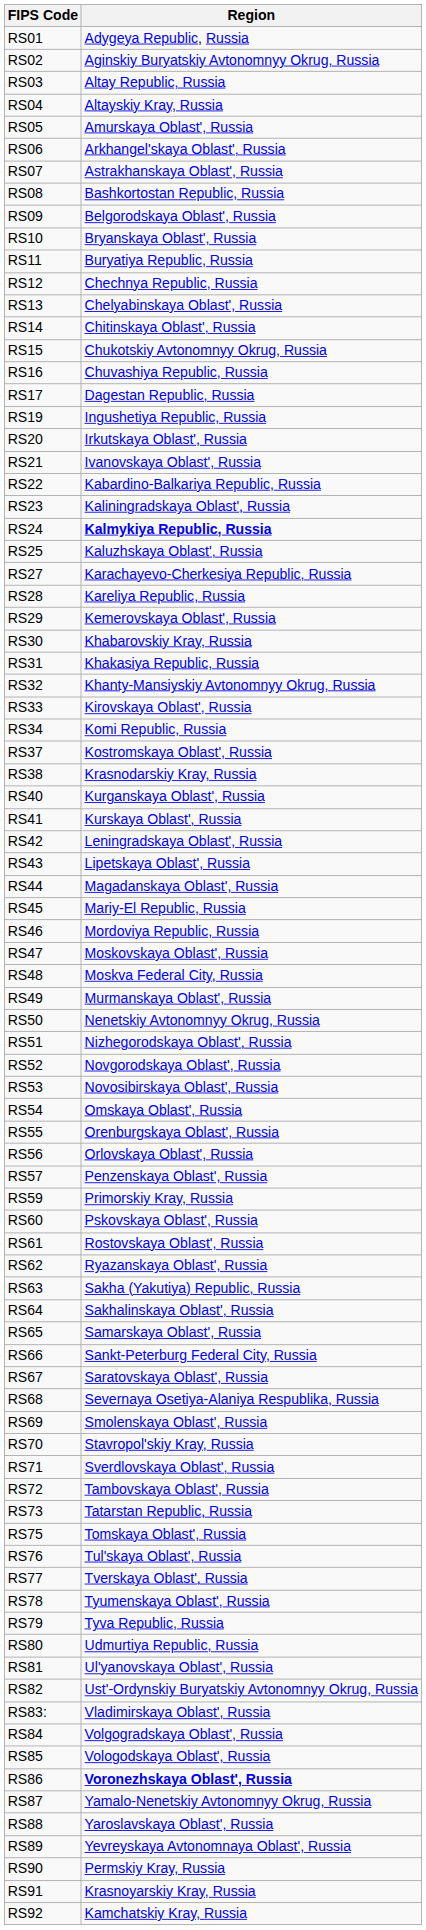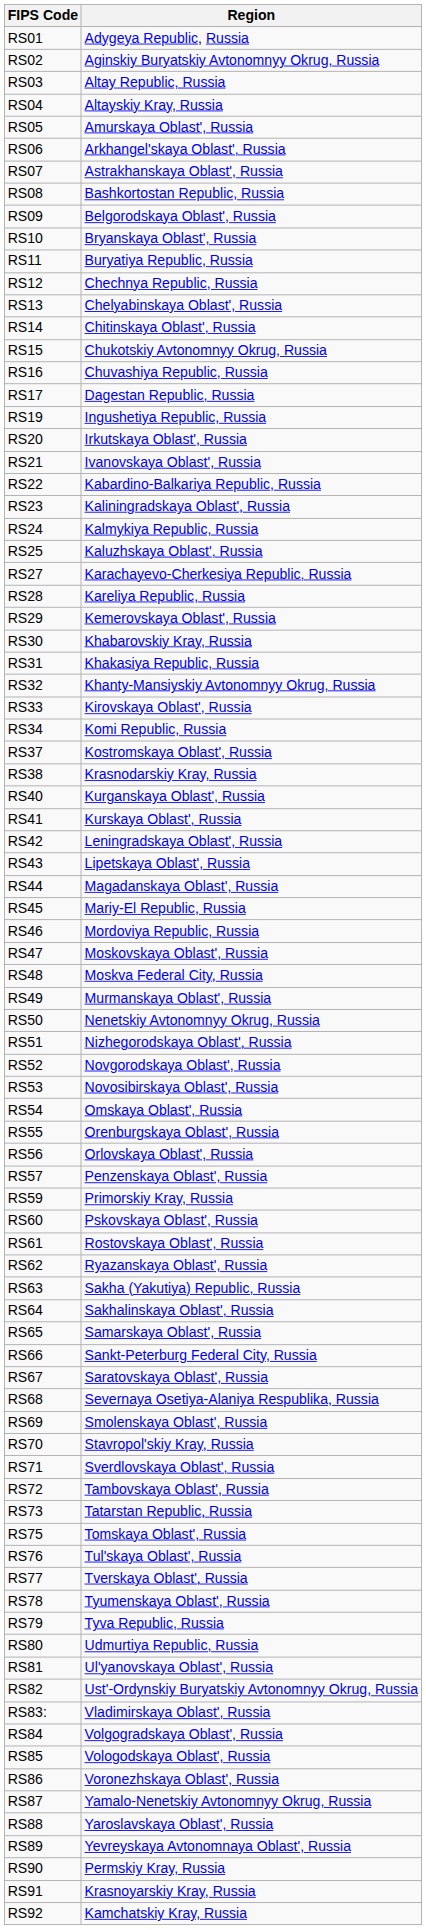 <table class="wikitable">
 <tr>
 <th>FIPS Code</th>
 <th>Region</th>
 </tr>
 <tr>
 <td>RS01</td>
 <td><a href='#'>Adygeya Republic</a>, <a href='#'>Russia</a></td>
 </tr>
 <tr>
 <td>RS02</td>
 <td><a href='#'>Aginskiy Buryatskiy Avtonomnyy Okrug, Russia</a></td>
 </tr>
 <tr>
 <td>RS03</td>
 <td><a href='#'>Altay Republic, Russia</a></td>
 </tr>
 <tr>
 <td>RS04</td>
 <td><a href='#'>Altayskiy Kray, Russia</a></td>
 </tr>
 <tr>
 <td>RS05</td>
 <td><a href='#'>Amurskaya Oblast', Russia</a></td>
 </tr>
 <tr>
 <td>RS06</td>
 <td><a href='#'>Arkhangel'skaya Oblast', Russia</a></td>
 </tr>
 <tr>
 <td>RS07</td>
 <td><a href='#'>Astrakhanskaya Oblast', Russia</a></td>
 </tr>
 <tr>
 <td>RS08</td>
 <td><a href='#'>Bashkortostan Republic, Russia</a></td>
 </tr>
 <tr>
 <td>RS09</td>
 <td><a href='#'>Belgorodskaya Oblast', Russia</a></td>
 </tr>
 <tr>
 <td>RS10</td>
 <td><a href='#'>Bryanskaya Oblast', Russia</a></td>
 </tr>
 <tr>
 <td>RS11</td>
 <td><a href='#'>Buryatiya Republic, Russia</a></td>
 </tr>
 <tr>
 <td>RS12</td>
 <td><a href='#'>Chechnya Republic, Russia</a></td>
 </tr>
 <tr>
 <td>RS13</td>
 <td><a href='#'>Chelyabinskaya Oblast', Russia</a></td>
 </tr>
 <tr>
 <td>RS14</td>
 <td><a href='#'>Chitinskaya Oblast', Russia</a></td>
 </tr>
 <tr>
 <td>RS15</td>
 <td><a href='#'>Chukotskiy Avtonomnyy Okrug, Russia</a></td>
 </tr>
 <tr>
 <td>RS16</td>
 <td><a href='#'>Chuvashiya Republic, Russia</a></td>
 </tr>
 <tr>
 <td>RS17</td>
 <td><a href='#'>Dagestan Republic, Russia</a></td>
 </tr>
 <tr>
 <td>RS19</td>
 <td><a href='#'>Ingushetiya Republic, Russia</a></td>
 </tr>
 <tr>
 <td>RS20</td>
 <td><a href='#'>Irkutskaya Oblast', Russia</a></td>
 </tr>
 <tr>
 <td>RS21</td>
 <td><a href='#'>Ivanovskaya Oblast', Russia</a></td>
 </tr>
 <tr>
 <td>RS22</td>
 <td><a href='#'>Kabardino-Balkariya Republic, Russia</a></td>
 </tr>
 <tr>
 <td>RS23</td>
 <td><a href='#'>Kaliningradskaya Oblast', Russia</a></td>
 </tr>
 <tr>
 <td>RS24</td>
-<td><strong><a href='#'>Kalmykiya Republic, Russia</a></strong></td>
+<td><a href='#'>Kalmykiya Republic, Russia</a></td>
 </tr>
 <tr>
 <td>RS25</td>
 <td><a href='#'>Kaluzhskaya Oblast', Russia</a></td>
 </tr>
 <tr>
 <td>RS27</td>
 <td><a href='#'>Karachayevo-Cherkesiya Republic, Russia</a></td>
 </tr>
 <tr>
 <td>RS28</td>
 <td><a href='#'>Kareliya Republic, Russia</a></td>
 </tr>
 <tr>
 <td>RS29</td>
 <td><a href='#'>Kemerovskaya Oblast', Russia</a></td>
 </tr>
 <tr>
 <td>RS30</td>
 <td><a href='#'>Khabarovskiy Kray, Russia</a></td>
 </tr>
 <tr>
 <td>RS31</td>
 <td><a href='#'>Khakasiya Republic, Russia</a></td>
 </tr>
 <tr>
 <td>RS32</td>
 <td><a href='#'>Khanty-Mansiyskiy Avtonomnyy Okrug, Russia</a></td>
 </tr>
 <tr>
 <td>RS33</td>
 <td><a href='#'>Kirovskaya Oblast', Russia</a></td>
 </tr>
 <tr>
 <td>RS34</td>
 <td><a href='#'>Komi Republic, Russia</a></td>
 </tr>
 <tr>
 <td>RS37</td>
 <td><a href='#'>Kostromskaya Oblast', Russia</a></td>
 </tr>
 <tr>
 <td>RS38</td>
 <td><a href='#'>Krasnodarskiy Kray, Russia</a></td>
 </tr>
 <tr>
 <td>RS40</td>
 <td><a href='#'>Kurganskaya Oblast', Russia</a></td>
 </tr>
 <tr>
 <td>RS41</td>
 <td><a href='#'>Kurskaya Oblast', Russia</a></td>
 </tr>
 <tr>
 <td>RS42</td>
 <td><a href='#'>Leningradskaya Oblast', Russia</a></td>
 </tr>
 <tr>
 <td>RS43</td>
 <td><a href='#'>Lipetskaya Oblast', Russia</a></td>
 </tr>
 <tr>
 <td>RS44</td>
 <td><a href='#'>Magadanskaya Oblast', Russia</a></td>
 </tr>
 <tr>
 <td>RS45</td>
 <td><a href='#'>Mariy-El Republic, Russia</a></td>
 </tr>
 <tr>
 <td>RS46</td>
 <td><a href='#'>Mordoviya Republic, Russia</a></td>
 </tr>
 <tr>
 <td>RS47</td>
 <td><a href='#'>Moskovskaya Oblast', Russia</a></td>
 </tr>
 <tr>
 <td>RS48</td>
 <td><a href='#'>Moskva Federal City, Russia</a></td>
 </tr>
 <tr>
 <td>RS49</td>
 <td><a href='#'>Murmanskaya Oblast', Russia</a></td>
 </tr>
 <tr>
 <td>RS50</td>
 <td><a href='#'>Nenetskiy Avtonomnyy Okrug, Russia</a></td>
 </tr>
 <tr>
 <td>RS51</td>
 <td><a href='#'>Nizhegorodskaya Oblast', Russia</a></td>
 </tr>
 <tr>
 <td>RS52</td>
 <td><a href='#'>Novgorodskaya Oblast', Russia</a></td>
 </tr>
 <tr>
 <td>RS53</td>
 <td><a href='#'>Novosibirskaya Oblast', Russia</a></td>
 </tr>
 <tr>
 <td>RS54</td>
 <td><a href='#'>Omskaya Oblast', Russia</a></td>
 </tr>
 <tr>
 <td>RS55</td>
 <td><a href='#'>Orenburgskaya Oblast', Russia</a></td>
 </tr>
 <tr>
 <td>RS56</td>
 <td><a href='#'>Orlovskaya Oblast', Russia</a></td>
 </tr>
 <tr>
 <td>RS57</td>
 <td><a href='#'>Penzenskaya Oblast', Russia</a></td>
 </tr>
 <tr>
 <td>RS59</td>
 <td><a href='#'>Primorskiy Kray, Russia</a></td>
 </tr>
 <tr>
 <td>RS60</td>
 <td><a href='#'>Pskovskaya Oblast', Russia</a></td>
 </tr>
 <tr>
 <td>RS61</td>
 <td><a href='#'>Rostovskaya Oblast', Russia</a></td>
 </tr>
 <tr>
 <td>RS62</td>
 <td><a href='#'>Ryazanskaya Oblast', Russia</a></td>
 </tr>
 <tr>
 <td>RS63</td>
 <td><a href='#'>Sakha (Yakutiya) Republic, Russia</a></td>
 </tr>
 <tr>
 <td>RS64</td>
 <td><a href='#'>Sakhalinskaya Oblast', Russia</a></td>
 </tr>
 <tr>
 <td>RS65</td>
 <td><a href='#'>Samarskaya Oblast', Russia</a></td>
 </tr>
 <tr>
 <td>RS66</td>
 <td><a href='#'>Sankt-Peterburg Federal City, Russia</a></td>
 </tr>
 <tr>
 <td>RS67</td>
 <td><a href='#'>Saratovskaya Oblast', Russia</a></td>
 </tr>
 <tr>
 <td>RS68</td>
 <td><a href='#'>Severnaya Osetiya-Alaniya Respublika, Russia</a></td>
 </tr>
 <tr>
 <td>RS69</td>
 <td><a href='#'>Smolenskaya Oblast', Russia</a></td>
 </tr>
 <tr>
 <td>RS70</td>
 <td><a href='#'>Stavropol'skiy Kray, Russia</a></td>
 </tr>
 <tr>
 <td>RS71</td>
 <td><a href='#'>Sverdlovskaya Oblast', Russia</a></td>
 </tr>
 <tr>
 <td>RS72</td>
 <td><a href='#'>Tambovskaya Oblast', Russia</a></td>
 </tr>
 <tr>
 <td>RS73</td>
 <td><a href='#'>Tatarstan Republic, Russia</a></td>
 </tr>
 <tr>
 <td>RS75</td>
 <td><a href='#'>Tomskaya Oblast', Russia</a></td>
 </tr>
 <tr>
 <td>RS76</td>
 <td><a href='#'>Tul'skaya Oblast', Russia</a></td>
 </tr>
 <tr>
 <td>RS77</td>
 <td><a href='#'>Tverskaya Oblast', Russia</a></td>
 </tr>
 <tr>
 <td>RS78</td>
 <td><a href='#'>Tyumenskaya Oblast', Russia</a></td>
 </tr>
 <tr>
 <td>RS79</td>
 <td><a href='#'>Tyva Republic, Russia</a></td>
 </tr>
 <tr>
 <td>RS80</td>
 <td><a href='#'>Udmurtiya Republic, Russia</a></td>
 </tr>
 <tr>
 <td>RS81</td>
 <td><a href='#'>Ul'yanovskaya Oblast', Russia</a></td>
 </tr>
 <tr>
 <td>RS82</td>
 <td><a href='#'>Ust'-Ordynskiy Buryatskiy Avtonomnyy Okrug, Russia</a></td>
 </tr>
 <tr>
 <td>RS83:</td>
 <td><a href='#'>Vladimirskaya Oblast', Russia</a></td>
 </tr>
 <tr>
 <td>RS84</td>
 <td><a href='#'>Volgogradskaya Oblast', Russia</a></td>
 </tr>
 <tr>
 <td>RS85</td>
 <td><a href='#'>Vologodskaya Oblast', Russia</a></td>
 </tr>
 <tr>
 <td>RS86</td>
-<td><strong><a href='#'>Voronezhskaya Oblast', Russia</a></strong></td>
+<td><a href='#'>Voronezhskaya Oblast', Russia</a></td>
 </tr>
 <tr>
 <td>RS87</td>
 <td><a href='#'>Yamalo-Nenetskiy Avtonomnyy Okrug, Russia</a></td>
 </tr>
 <tr>
 <td>RS88</td>
 <td><a href='#'>Yaroslavskaya Oblast', Russia</a></td>
 </tr>
 <tr>
 <td>RS89</td>
 <td><a href='#'>Yevreyskaya Avtonomnaya Oblast', Russia</a></td>
 </tr>
 <tr>
 <td>RS90</td>
 <td><a href='#'>Permskiy Kray, Russia</a></td>
 </tr>
 <tr>
 <td>RS91</td>
 <td><a href='#'>Krasnoyarskiy Kray, Russia</a></td>
 </tr>
 <tr>
 <td>RS92</td>
 <td><a href='#'>Kamchatskiy Kray, Russia</a></td>
 </tr>
 </table>
